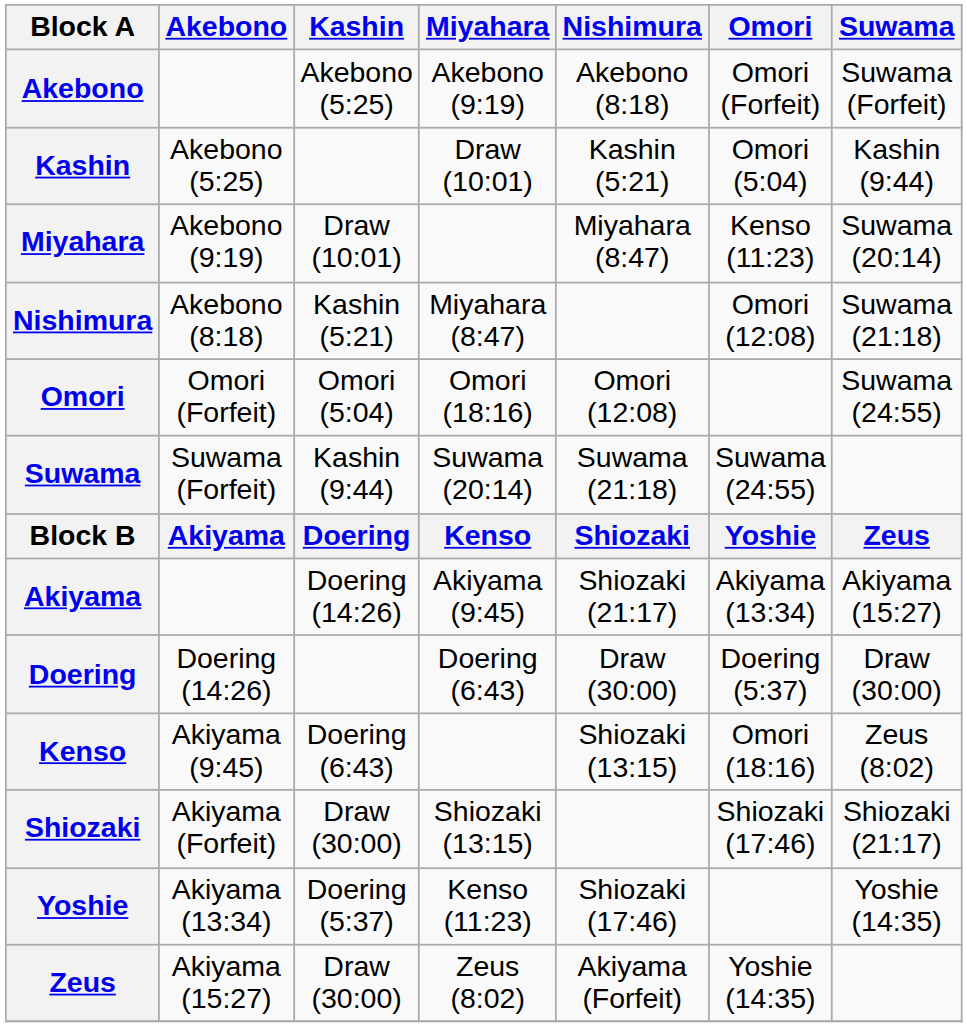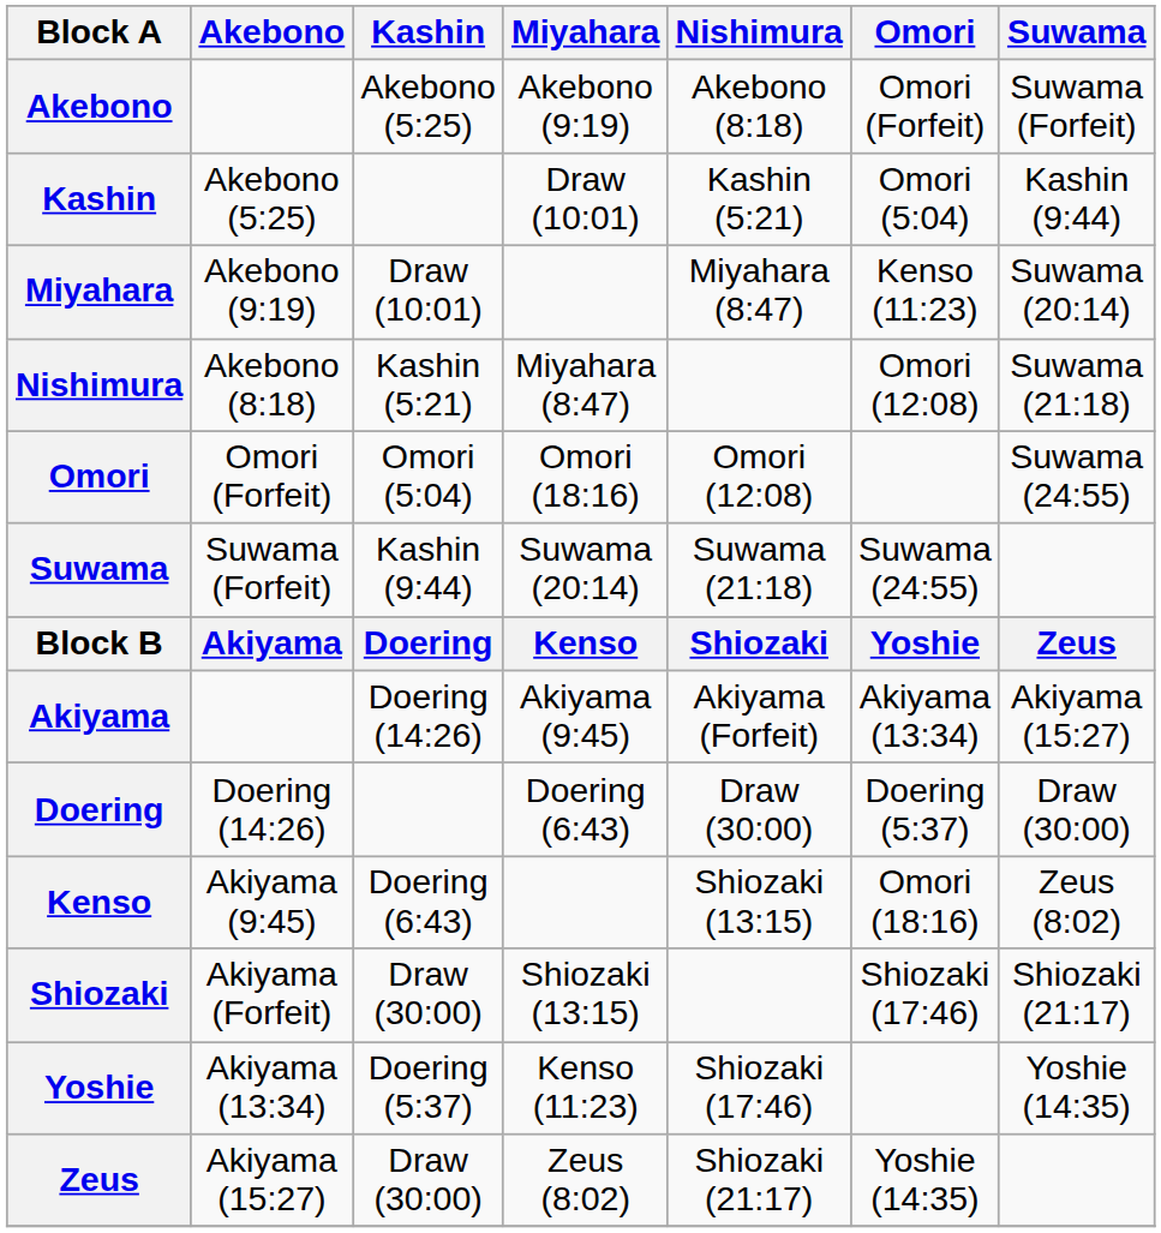 <table class="wikitable" style="margin: 1em auto 1em auto; text-align:center;">
 <tr>
 <th>Block A</th>
 <th><a href='#'>Akebono</a></th>
 <th><a href='#'>Kashin</a></th>
 <th><a href='#'>Miyahara</a></th>
 <th><a href='#'>Nishimura</a></th>
 <th><a href='#'>Omori</a></th>
 <th><a href='#'>Suwama</a></th>
 </tr>
 <tr>
 <th><a href='#'>Akebono</a></th>
 <td></td>
 <td>Akebono<br>(5:25)</td>
 <td>Akebono<br>(9:19)</td>
 <td>Akebono<br>(8:18)</td>
 <td>Omori<br>(Forfeit)</td>
 <td>Suwama<br>(Forfeit)</td>
 </tr>
 <tr>
 <th><a href='#'>Kashin</a></th>
 <td>Akebono<br>(5:25)</td>
 <td></td>
 <td>Draw<br>(10:01)</td>
 <td>Kashin<br>(5:21)</td>
 <td>Omori<br>(5:04)</td>
 <td>Kashin<br>(9:44)</td>
 </tr>
 <tr>
 <th><a href='#'>Miyahara</a></th>
 <td>Akebono<br>(9:19)</td>
 <td>Draw<br>(10:01)</td>
 <td></td>
 <td>Miyahara<br>(8:47)</td>
 <td>Kenso<br>(11:23)</td>
 <td>Suwama<br>(20:14)</td>
 </tr>
 <tr>
 <th><a href='#'>Nishimura</a></th>
 <td>Akebono<br>(8:18)</td>
 <td>Kashin<br>(5:21)</td>
 <td>Miyahara<br>(8:47)</td>
 <td></td>
 <td>Omori<br>(12:08)</td>
 <td>Suwama<br>(21:18)</td>
 </tr>
 <tr>
 <th><a href='#'>Omori</a></th>
 <td>Omori<br>(Forfeit)</td>
 <td>Omori<br>(5:04)</td>
 <td>Omori<br>(18:16)</td>
 <td>Omori<br>(12:08)</td>
 <td></td>
 <td>Suwama<br>(24:55)</td>
 </tr>
 <tr>
 <th><a href='#'>Suwama</a></th>
 <td>Suwama<br>(Forfeit)</td>
 <td>Kashin<br>(9:44)</td>
 <td>Suwama<br>(20:14)</td>
 <td>Suwama<br>(21:18)</td>
 <td>Suwama<br>(24:55)</td>
 <td></td>
 </tr>
 <tr>
 <th>Block B</th>
 <th><a href='#'>Akiyama</a></th>
 <th><a href='#'>Doering</a></th>
 <th><a href='#'>Kenso</a></th>
 <th><a href='#'>Shiozaki</a></th>
 <th><a href='#'>Yoshie</a></th>
 <th><a href='#'>Zeus</a></th>
 </tr>
 <tr>
 <th><a href='#'>Akiyama</a></th>
 <td></td>
 <td>Doering<br>(14:26)</td>
 <td>Akiyama<br>(9:45)</td>
-<td>Shiozaki<br>(21:17)</td>
+<td>Akiyama<br>(Forfeit)</td>
 <td>Akiyama<br>(13:34)</td>
 <td>Akiyama<br>(15:27)</td>
 </tr>
 <tr>
 <th><a href='#'>Doering</a></th>
 <td>Doering<br>(14:26)</td>
 <td></td>
 <td>Doering<br>(6:43)</td>
 <td>Draw<br>(30:00)</td>
 <td>Doering<br>(5:37)</td>
 <td>Draw<br>(30:00)</td>
 </tr>
 <tr>
 <th><a href='#'>Kenso</a></th>
 <td>Akiyama<br>(9:45)</td>
 <td>Doering<br>(6:43)</td>
 <td></td>
 <td>Shiozaki<br>(13:15)</td>
 <td>Omori<br>(18:16)</td>
 <td>Zeus<br>(8:02)</td>
 </tr>
 <tr>
 <th><a href='#'>Shiozaki</a></th>
 <td>Akiyama<br>(Forfeit)</td>
 <td>Draw<br>(30:00)</td>
 <td>Shiozaki<br>(13:15)</td>
 <td></td>
 <td>Shiozaki<br>(17:46)</td>
 <td>Shiozaki<br>(21:17)</td>
 </tr>
 <tr>
 <th><a href='#'>Yoshie</a></th>
 <td>Akiyama<br>(13:34)</td>
 <td>Doering<br>(5:37)</td>
 <td>Kenso<br>(11:23)</td>
 <td>Shiozaki<br>(17:46)</td>
 <td></td>
 <td>Yoshie<br>(14:35)</td>
 </tr>
 <tr>
 <th><a href='#'>Zeus</a></th>
 <td>Akiyama<br>(15:27)</td>
 <td>Draw<br>(30:00)</td>
 <td>Zeus<br>(8:02)</td>
-<td>Akiyama<br>(Forfeit)</td>
+<td>Shiozaki<br>(21:17)</td>
 <td>Yoshie<br>(14:35)</td>
 <td></td>
 </tr>
 <tr>
 </tr>
 </table>
